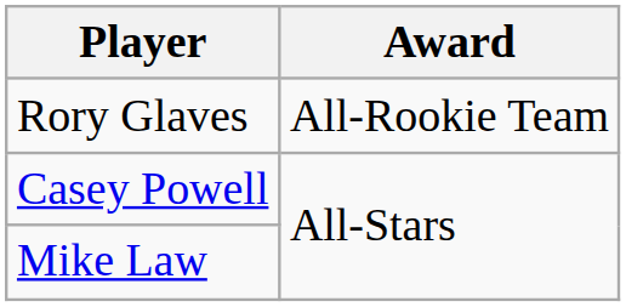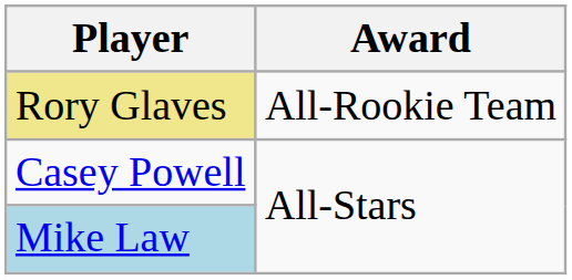 <table class="wikitable">
 <tr>
 <th>Player</th>
 <th>Award</th>
 </tr>
 <tr>
-<td>Rory Glaves</td>
+<td style="background: khaki;">Rory Glaves</td>
 <td>All-Rookie Team</td>
 </tr>
 <tr>
 <td><a href='#'>Casey Powell</a></td>
 <td rowspan=2>All-Stars</td>
 </tr>
 <tr>
-<td><a href='#'>Mike Law</a></td>
+<td style="background: lightblue;"><a href='#'>Mike Law</a></td>
 </tr>
 </table>
